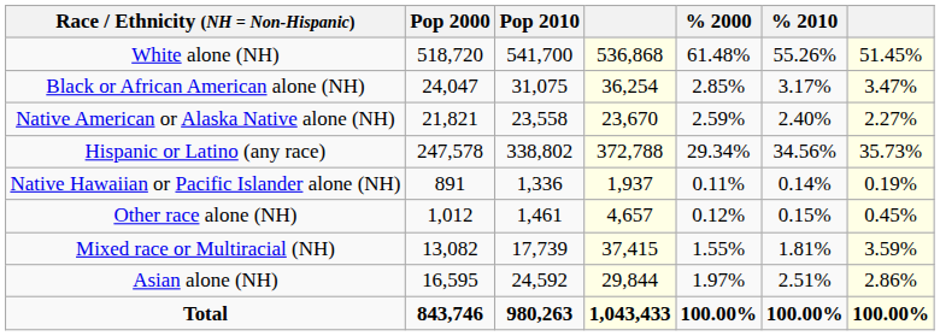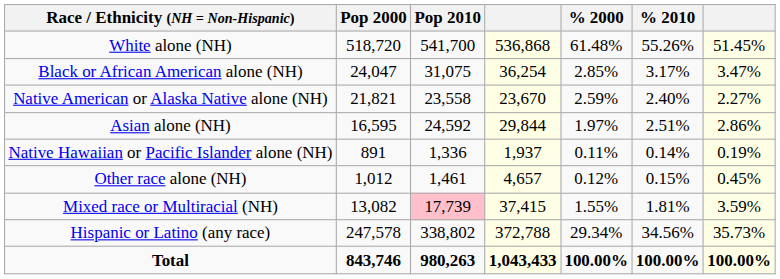 <table class="wikitable" style="text-align:center;">
 <tr>
 <th>Race / Ethnicity <small>(<em>NH = Non-Hispanic</em>)</small></th>
 <th>Pop 2000</th>
 <th>Pop 2010</th>
 <th></th>
 <th>% 2000</th>
 <th>% 2010</th>
 <th></th>
 </tr>
 <tr>
 <td><a href='#'>White</a> alone (NH)</td>
 <td>518,720</td>
 <td>541,700</td>
 <td style='background: #ffffe6;'>536,868</td>
 <td>61.48%</td>
 <td>55.26%</td>
 <td style='background: #ffffe6;'>51.45%</td>
 </tr>
 <tr>
 <td><a href='#'>Black or African American</a> alone (NH)</td>
 <td>24,047</td>
 <td>31,075</td>
 <td style='background: #ffffe6;'>36,254</td>
 <td>2.85%</td>
 <td>3.17%</td>
 <td style='background: #ffffe6;'>3.47%</td>
 </tr>
 <tr>
 <td><a href='#'>Native American</a> or <a href='#'>Alaska Native</a> alone (NH)</td>
 <td>21,821</td>
 <td>23,558</td>
 <td style='background: #ffffe6;'>23,670</td>
 <td>2.59%</td>
 <td>2.40%</td>
 <td style='background: #ffffe6;'>2.27%</td>
 </tr>
 <tr>
-<td><a href='#'>Hispanic or Latino</a> (any race)</td>
-<td>247,578</td>
-<td>338,802</td>
-<td style='background: #ffffe6;'>372,788</td>
-<td>29.34%</td>
-<td>34.56%</td>
-<td style='background: #ffffe6;'>35.73%</td>
+<td><a href='#'>Asian</a> alone (NH)</td>
+<td>16,595</td>
+<td>24,592</td>
+<td style='background: #ffffe6;'>29,844</td>
+<td>1.97%</td>
+<td>2.51%</td>
+<td style='background: #ffffe6;'>2.86%</td>
 </tr>
 <tr>
 <td><a href='#'>Native Hawaiian</a> or <a href='#'>Pacific Islander</a> alone (NH)</td>
 <td>891</td>
 <td>1,336</td>
 <td style='background: #ffffe6;'>1,937</td>
 <td>0.11%</td>
 <td>0.14%</td>
 <td style='background: #ffffe6;'>0.19%</td>
 </tr>
 <tr>
 <td><a href='#'>Other race</a> alone (NH)</td>
 <td>1,012</td>
 <td>1,461</td>
 <td style='background: #ffffe6;'>4,657</td>
 <td>0.12%</td>
 <td>0.15%</td>
 <td style='background: #ffffe6;'>0.45%</td>
 </tr>
 <tr>
 <td><a href='#'>Mixed race or Multiracial</a> (NH)</td>
 <td>13,082</td>
-<td>17,739</td>
+<td style="background: pink;">17,739</td>
 <td style='background: #ffffe6;'>37,415</td>
 <td>1.55%</td>
 <td>1.81%</td>
 <td style='background: #ffffe6;'>3.59%</td>
 </tr>
 <tr>
-<td><a href='#'>Asian</a> alone (NH)</td>
-<td>16,595</td>
-<td>24,592</td>
-<td style='background: #ffffe6;'>29,844</td>
-<td>1.97%</td>
-<td>2.51%</td>
-<td style='background: #ffffe6;'>2.86%</td>
+<td><a href='#'>Hispanic or Latino</a> (any race)</td>
+<td>247,578</td>
+<td>338,802</td>
+<td style='background: #ffffe6;'>372,788</td>
+<td>29.34%</td>
+<td>34.56%</td>
+<td style='background: #ffffe6;'>35.73%</td>
 </tr>
 <tr>
 <td><strong>Total</strong></td>
 <td><strong>843,746</strong></td>
 <td><strong>980,263</strong></td>
 <td style='background: #ffffe6;'><strong>1,043,433</strong></td>
 <td><strong>100.00%</strong></td>
 <td><strong>100.00%</strong></td>
 <td style='background: #ffffe6;'><strong>100.00%</strong></td>
 </tr>
 </table>
